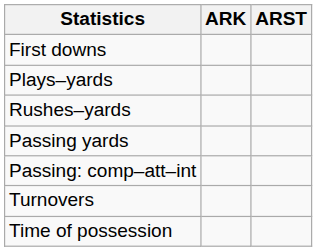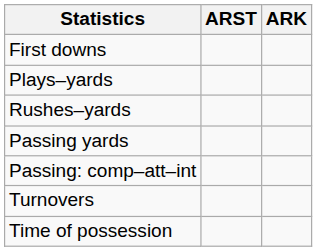 <table class="wikitable" style="float:left">
 <tr>
 <th>Statistics</th>
+<th>ARST</th>
 <th>ARK</th>
-<th>ARST</th>
 </tr>
 <tr>
 <td>First downs</td>
 <td></td>
 <td></td>
 </tr>
 <tr>
 <td>Plays–yards</td>
 <td></td>
 <td></td>
 </tr>
 <tr>
 <td>Rushes–yards</td>
 <td></td>
 <td></td>
 </tr>
 <tr>
 <td>Passing yards</td>
 <td></td>
 <td></td>
 </tr>
 <tr>
 <td>Passing: comp–att–int</td>
 <td></td>
 <td></td>
 </tr>
 <tr>
 <td>Turnovers</td>
 <td></td>
 <td></td>
 </tr>
 <tr>
 <td>Time of possession</td>
 <td></td>
 <td></td>
 </tr>
 </table>
